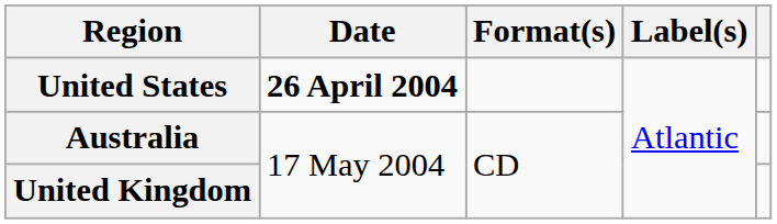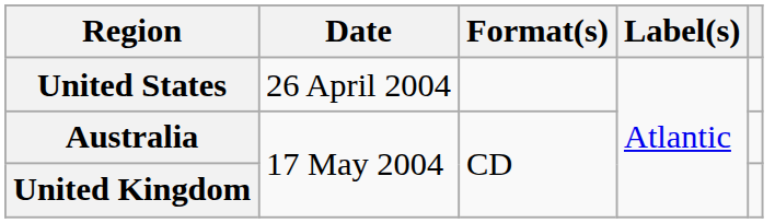 <table class="wikitable plainrowheaders">
 <tr>
 <th scope="col">Region</th>
 <th scope="col">Date</th>
 <th scope="col">Format(s)</th>
 <th scope="col">Label(s)</th>
 <th scope="col"></th>
 </tr>
 <tr>
 <th scope="row">United States</th>
-<td><strong>26 April 2004</strong></td>
+<td>26 April 2004</td>
 <td></td>
 <td rowspan="3"><a href='#'>Atlantic</a></td>
 <td></td>
 </tr>
 <tr>
 <th scope="row">Australia</th>
 <td rowspan="2">17 May 2004</td>
 <td rowspan="2">CD</td>
 <td></td>
 </tr>
 <tr>
 <th scope="row">United Kingdom</th>
 <td></td>
 </tr>
 </table>
